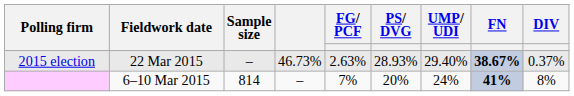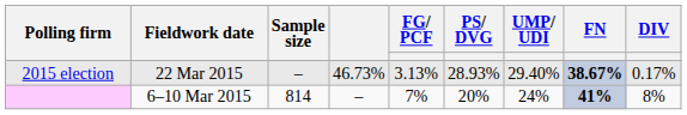 <table class="wikitable sortable" style="text-align:center;font-size:90%;line-height:14px;">
 <tr style="height:40px;">
 <th style="width:100px;" rowspan="2">Polling firm</th>
 <th style="width:110px;" rowspan="2">Fieldwork date</th>
 <th style="width:35px;" rowspan="2">Sample<br>size</th>
 <th style="width:30px;" rowspan="2"></th>
 <th class="unsortable" style="width:40px;"><a href='#'>FG</a>/<br><a href='#'>PCF</a></th>
 <th class="unsortable" style="width:40px;"><a href='#'>PS</a>/<br><a href='#'>DVG</a></th>
 <th class="unsortable" style="width:40px;"><a href='#'>UMP</a>/<br><a href='#'>UDI</a></th>
 <th class="unsortable" style="width:40px;"><a href='#'>FN</a></th>
 <th class="unsortable" style="width:40px;"><a href='#'>DIV</a></th>
 </tr>
 <tr>
 <th style="background:"></th>
 <th style="background:"></th>
 <th style="background:"></th>
 <th style="background:"></th>
 <th style="background:"></th>
 </tr>
 <tr style="background:#E9E9E9;">
 <td><a href='#'>2015 election</a></td>
 <td data-sort-value="2015-03-22">22 Mar 2015</td>
 <td>–</td>
 <td>46.73%</td>
-<td>2.63%</td>
+<td>3.13%</td>
 <td>28.93%</td>
 <td>29.40%</td>
 <td style="background:#C1CCE1;"><strong>38.67%</strong></td>
-<td>0.37%</td>
+<td>0.17%</td>
 </tr>
 <tr>
 <td style="background:#FFCCFF;"></td>
 <td data-sort-value="2015-03-10">6–10 Mar 2015</td>
 <td>814</td>
 <td>–</td>
 <td>7%</td>
 <td>20%</td>
 <td>24%</td>
 <td style="background:#C1CCE1;"><strong>41%</strong></td>
 <td>8%</td>
 </tr>
 </table>
